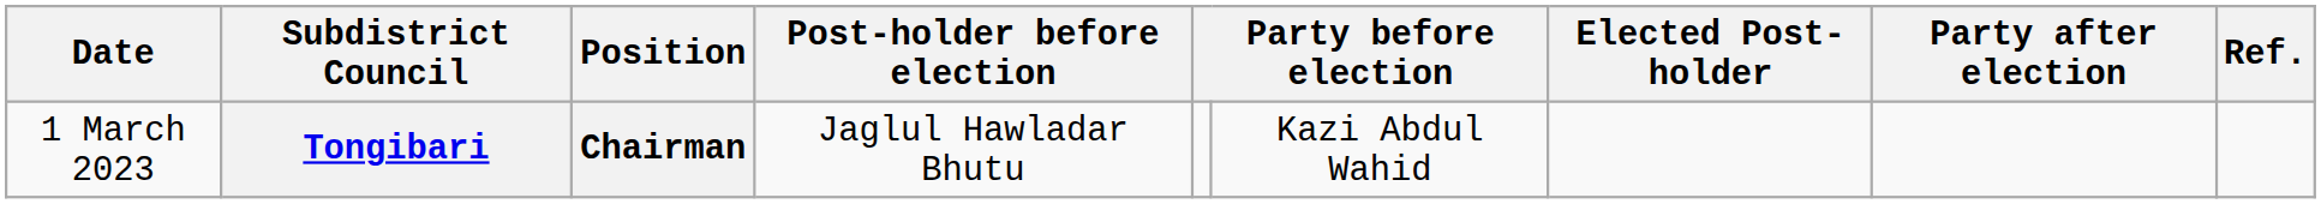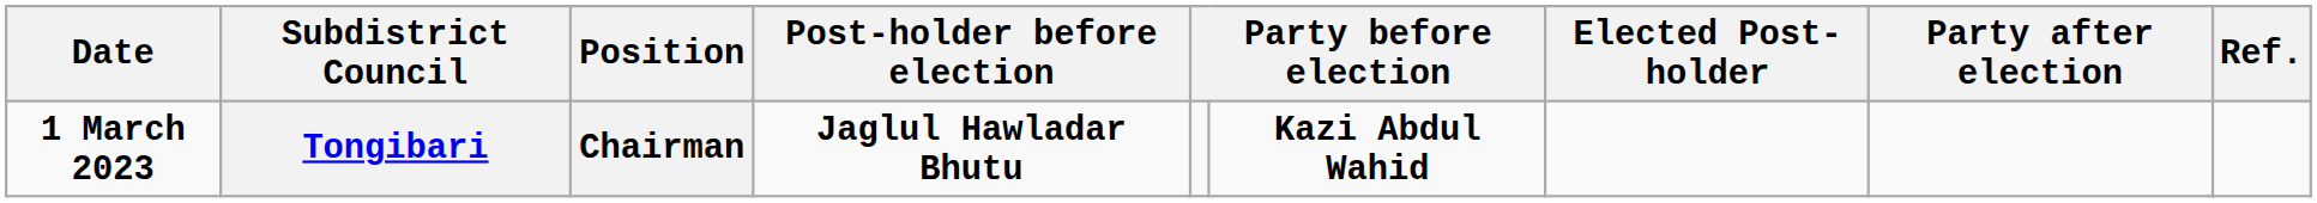 <table class="wikitable sortable" style="text-align:center;">
 <tr>
 <th>Date</th>
 <th>Subdistrict Council</th>
 <th>Position</th>
 <th>Post-holder before election</th>
 <th colspan="2">Party before election</th>
 <th>Elected  Post-holder</th>
 <th colspan="2">Party after election</th>
 <th>Ref.</th>
 </tr>
 <tr>
-<td>1 March 2023</td>
+<td><strong>1 March 2023</strong></td>
 <th><a href='#'>Tongibari</a></th>
 <th>Chairman </th>
-<td>Jaglul Hawladar Bhutu</td>
+<td><strong>Jaglul Hawladar Bhutu</strong></td>
 <td></td>
-<td>Kazi Abdul Wahid</td>
+<td><strong>Kazi Abdul Wahid</strong></td>
 <td></td>
 <td></td>
 </tr>
 </table>
